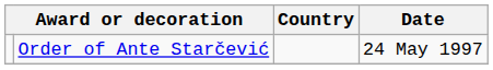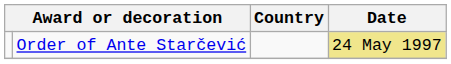 <table class="wikitable" style="text-align:left;">
 <tr>
 <th colspan=2>Award or decoration</th>
 <th>Country</th>
 <th>Date</th>
 </tr>
 <tr>
 <td></td>
 <td><a href='#'>Order of Ante Starčević</a></td>
 <td></td>
-<td>24 May 1997</td>
+<td style="background: khaki;">24 May 1997</td>
 </tr>
 <tr>
 </tr>
 </table>
